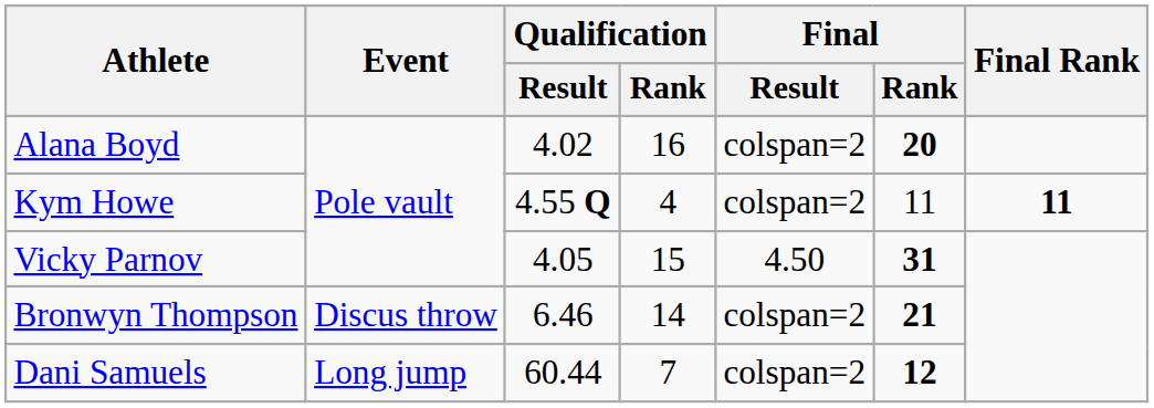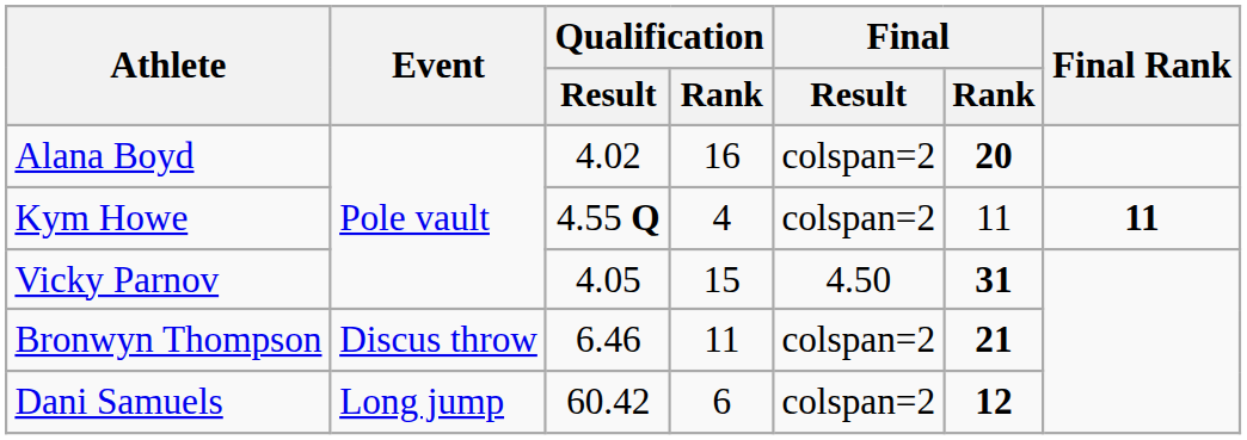 <table class="wikitable" style="font-size:90%">
 <tr>
 <th rowspan="2">Athlete</th>
 <th rowspan="2">Event</th>
 <th colspan="2">Qualification</th>
 <th colspan="2">Final</th>
 <th colspan="2" rowspan="2">Final Rank</th>
 </tr>
 <tr style="font-size:95%">
 <th>Result</th>
 <th>Rank</th>
 <th>Result</th>
 <th>Rank</th>
 </tr>
 <tr align=center>
 <td align=left><a href='#'>Alana Boyd</a></td>
 <td rowspan="3" align=left><a href='#'>Pole vault</a></td>
 <td>4.02</td>
 <td>16</td>
 <td>colspan=2 </td>
 <td><strong>20</strong></td>
 </tr>
 <tr align=center>
 <td align=left><a href='#'>Kym Howe</a></td>
 <td>4.55 <strong>Q</strong></td>
 <td>4</td>
 <td>colspan=2 </td>
 <td>11</td>
 <td><strong>11</strong></td>
 </tr>
 <tr align=center>
 <td align=left><a href='#'>Vicky Parnov</a></td>
 <td>4.05</td>
 <td>15</td>
 <td>4.50</td>
 <td><strong>31</strong></td>
 </tr>
 <tr align=center>
 <td align=left><a href='#'>Bronwyn Thompson</a></td>
 <td align=left><a href='#'>Discus throw</a></td>
 <td>6.46</td>
-<td>14</td>
+<td>11</td>
 <td>colspan=2 </td>
 <td><strong>21</strong></td>
 </tr>
 <tr align=center>
 <td align=left><a href='#'>Dani Samuels</a></td>
 <td align=left><a href='#'>Long jump</a></td>
-<td>60.44</td>
-<td>7</td>
+<td>60.42</td>
+<td>6</td>
 <td>colspan=2 </td>
 <td><strong>12</strong></td>
 </tr>
 </table>
